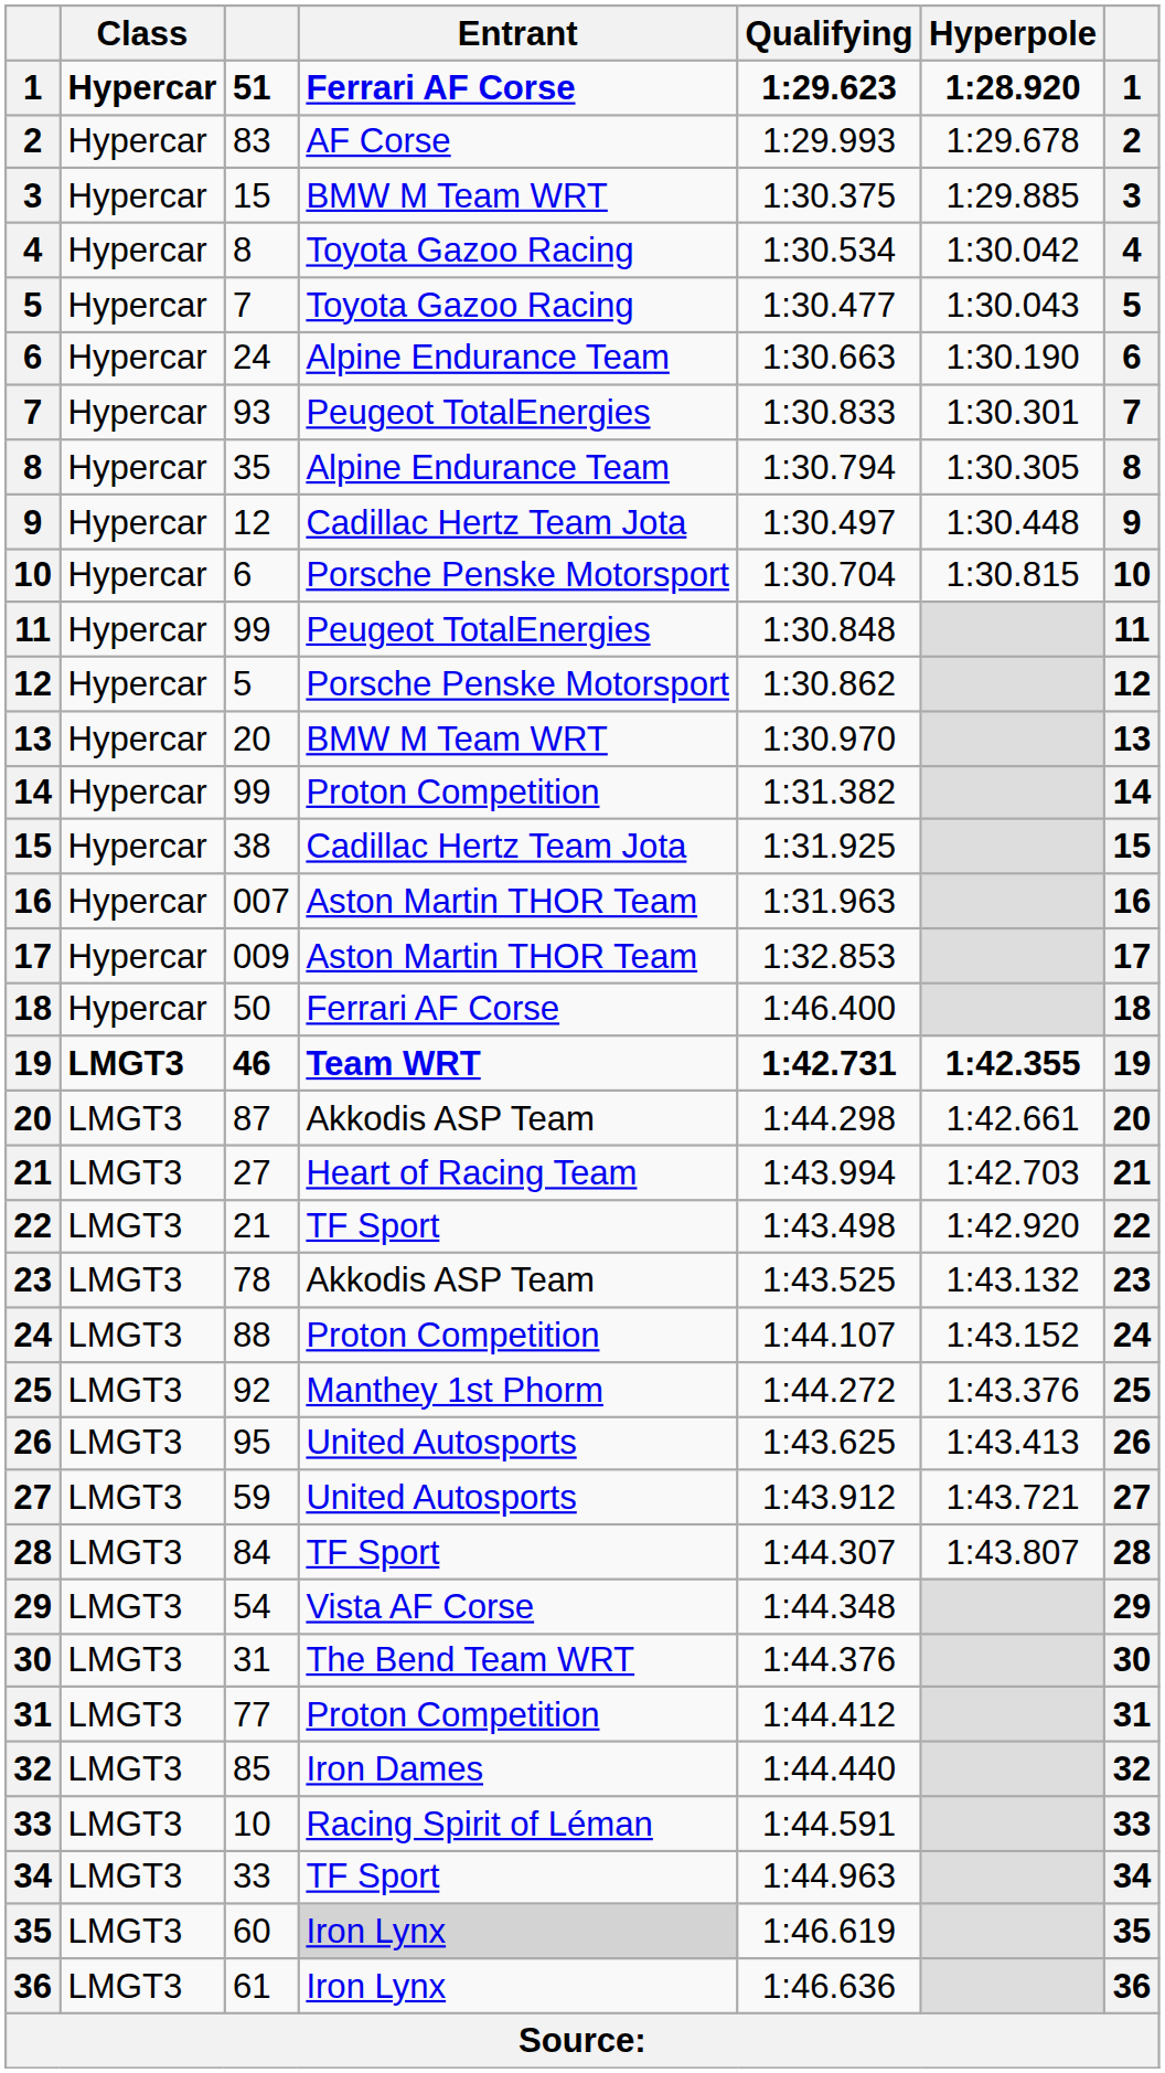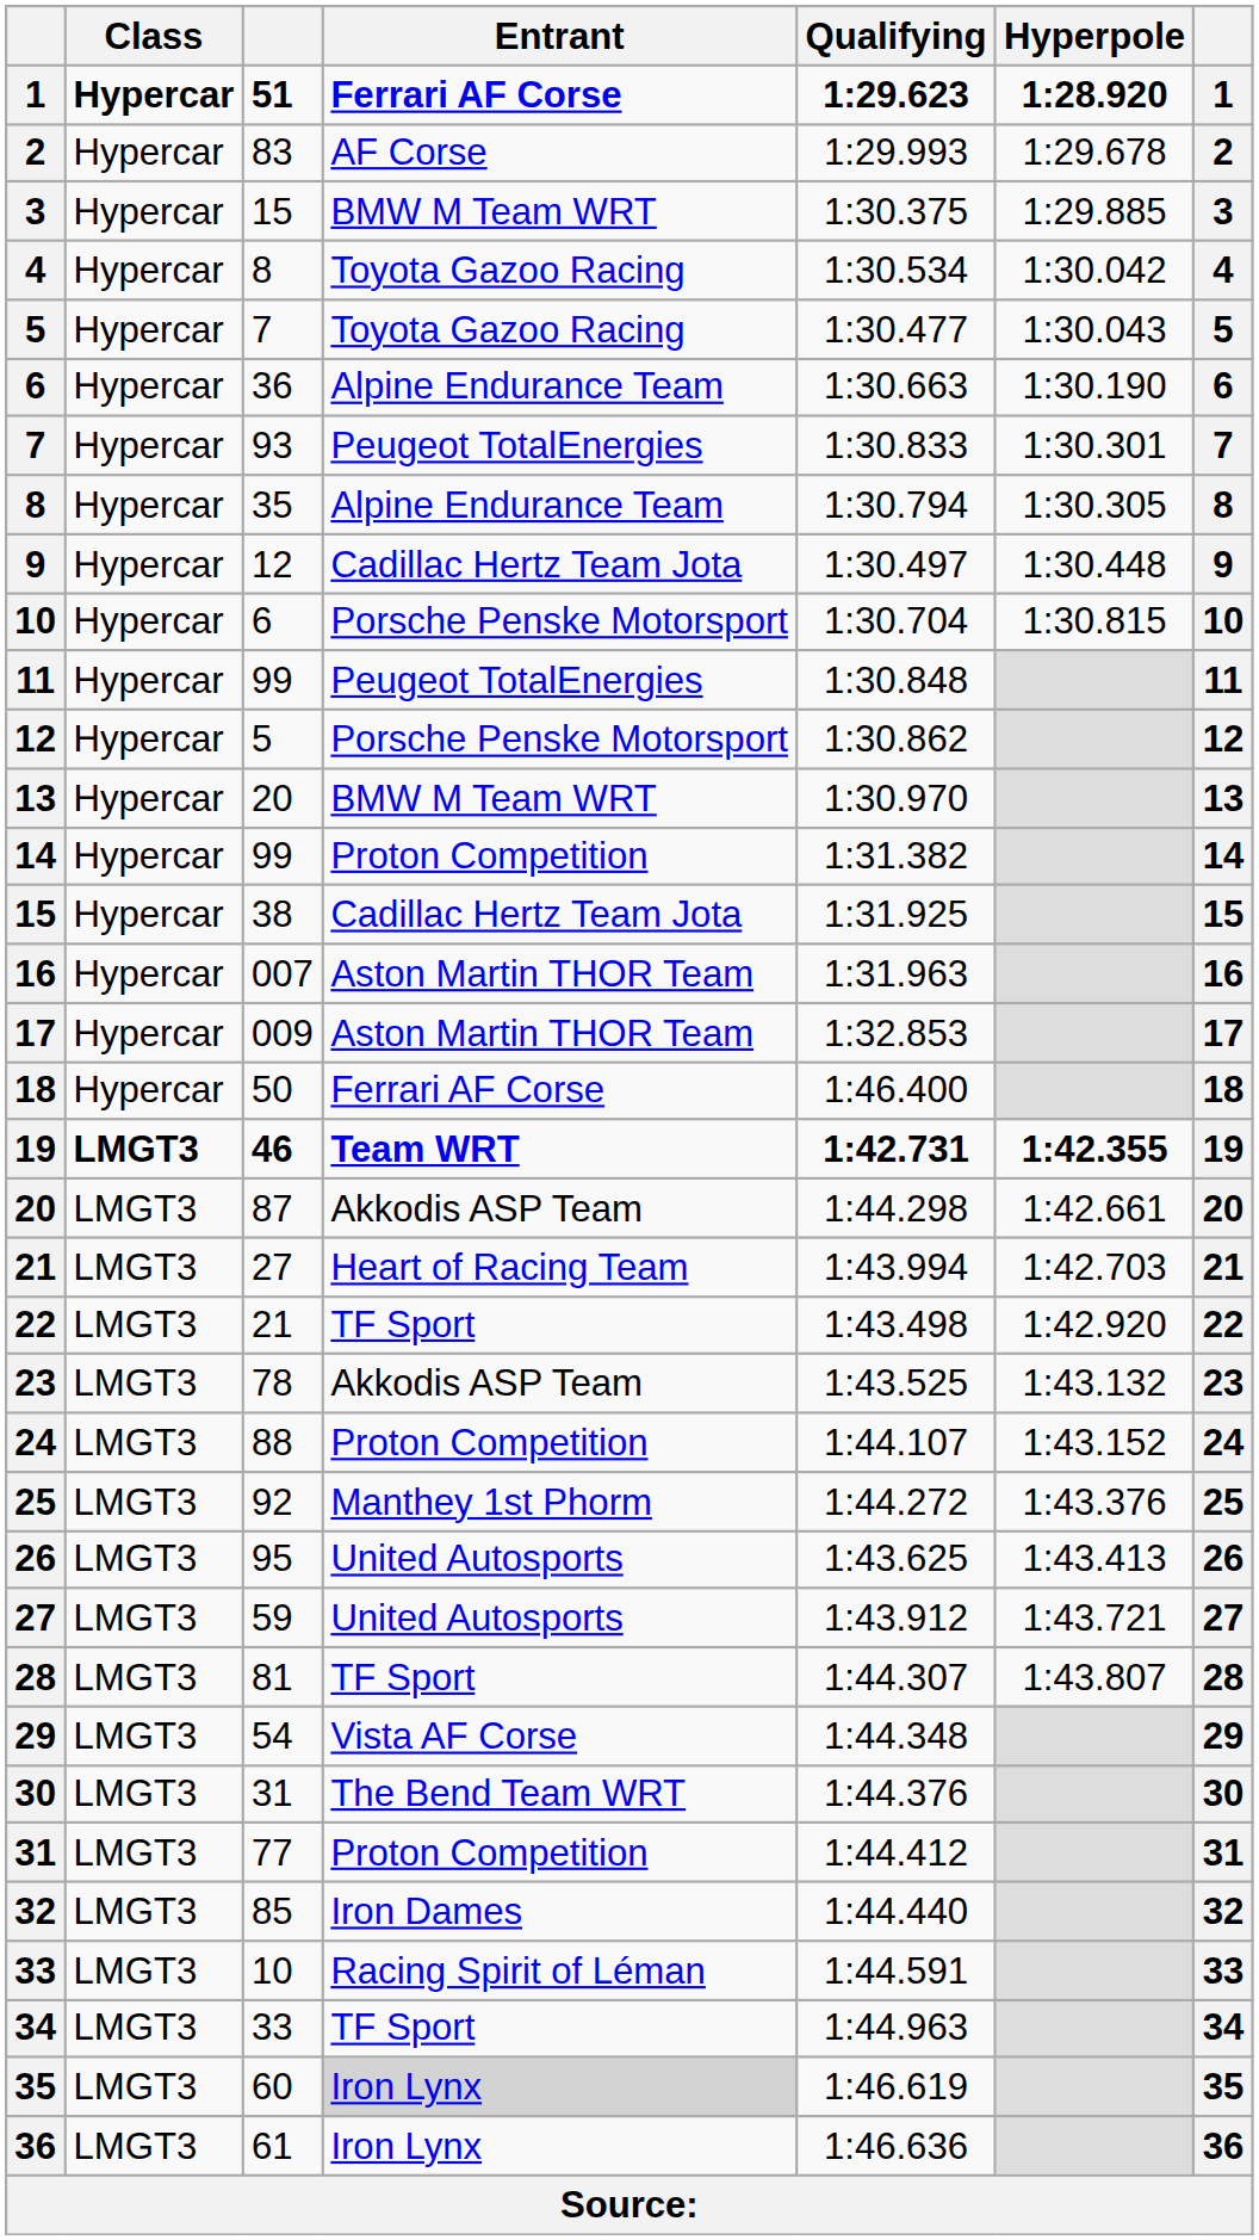 <table class="wikitable" style="font-size:90%;">
 <tr>
 <th></th>
 <th>Class</th>
 <th></th>
 <th>Entrant</th>
 <th>Qualifying</th>
 <th>Hyperpole</th>
 <th></th>
 </tr>
 <tr style="font-weight:bold">
 <th>1</th>
 <td>Hypercar</td>
 <td>51</td>
 <td> <a href='#'>Ferrari AF Corse</a></td>
 <td style="text-align:center;">1:29.623</td>
 <td style="text-align:center;">1:28.920</td>
 <th>1</th>
 </tr>
 <tr>
 <th>2</th>
 <td>Hypercar</td>
 <td>83</td>
 <td> <a href='#'>AF Corse</a></td>
 <td style="text-align:center;">1:29.993</td>
 <td style="text-align:center;">1:29.678</td>
 <th>2</th>
 </tr>
 <tr>
 <th>3</th>
 <td>Hypercar</td>
 <td>15</td>
 <td> <a href='#'>BMW M Team WRT</a></td>
 <td style="text-align:center;">1:30.375</td>
 <td style="text-align:center;">1:29.885</td>
 <th>3</th>
 </tr>
 <tr>
 <th>4</th>
 <td>Hypercar</td>
 <td>8</td>
 <td> <a href='#'>Toyota Gazoo Racing</a></td>
 <td style="text-align:center;">1:30.534</td>
 <td style="text-align:center;">1:30.042</td>
 <th>4</th>
 </tr>
 <tr>
 <th>5</th>
 <td>Hypercar</td>
 <td>7</td>
 <td> <a href='#'>Toyota Gazoo Racing</a></td>
 <td style="text-align:center;">1:30.477</td>
 <td style="text-align:center;">1:30.043</td>
 <th>5</th>
 </tr>
 <tr>
 <th>6</th>
 <td>Hypercar</td>
-<td>24</td>
+<td>36</td>
 <td> <a href='#'>Alpine Endurance Team</a></td>
 <td style="text-align:center;">1:30.663</td>
 <td style="text-align:center;">1:30.190</td>
 <th>6</th>
 </tr>
 <tr>
 <th>7</th>
 <td>Hypercar</td>
 <td>93</td>
 <td> <a href='#'>Peugeot TotalEnergies</a></td>
 <td style="text-align:center;">1:30.833</td>
 <td style="text-align:center;">1:30.301</td>
 <th>7</th>
 </tr>
 <tr>
 <th>8</th>
 <td>Hypercar</td>
 <td>35</td>
 <td> <a href='#'>Alpine Endurance Team</a></td>
 <td style="text-align:center;">1:30.794</td>
 <td style="text-align:center;">1:30.305</td>
 <th>8</th>
 </tr>
 <tr>
 <th>9</th>
 <td>Hypercar</td>
 <td>12</td>
 <td> <a href='#'>Cadillac Hertz Team Jota</a></td>
 <td style="text-align:center;">1:30.497</td>
 <td style="text-align:center;">1:30.448</td>
 <th>9</th>
 </tr>
 <tr>
 <th>10</th>
 <td>Hypercar</td>
 <td>6</td>
 <td> <a href='#'>Porsche Penske Motorsport</a></td>
 <td style="text-align:center;">1:30.704</td>
 <td style="text-align:center;">1:30.815</td>
 <th>10</th>
 </tr>
 <tr>
 <th>11</th>
 <td>Hypercar</td>
 <td>99</td>
 <td> <a href='#'>Peugeot TotalEnergies</a></td>
 <td style="text-align:center;">1:30.848</td>
 <td style="text-align:center; background:#ddd;"></td>
 <th>11</th>
 </tr>
 <tr>
 <th>12</th>
 <td>Hypercar</td>
 <td>5</td>
 <td> <a href='#'>Porsche Penske Motorsport</a></td>
 <td style="text-align:center;">1:30.862</td>
 <td style="text-align:center; background:#ddd;"></td>
 <th>12</th>
 </tr>
 <tr>
 <th>13</th>
 <td>Hypercar</td>
 <td>20</td>
 <td> <a href='#'>BMW M Team WRT</a></td>
 <td style="text-align:center;">1:30.970</td>
 <td style="text-align:center; background:#ddd;"></td>
 <th>13</th>
 </tr>
 <tr>
 <th>14</th>
 <td>Hypercar</td>
 <td>99</td>
 <td> <a href='#'>Proton Competition</a></td>
 <td style="text-align:center;">1:31.382</td>
 <td style="text-align:center; background:#ddd;"></td>
 <th>14</th>
 </tr>
 <tr>
 <th>15</th>
 <td>Hypercar</td>
 <td>38</td>
 <td> <a href='#'>Cadillac Hertz Team Jota</a></td>
 <td style="text-align:center;">1:31.925</td>
 <td style="text-align:center; background:#ddd;"></td>
 <th>15</th>
 </tr>
 <tr>
 <th>16</th>
 <td>Hypercar</td>
 <td>007</td>
 <td> <a href='#'>Aston Martin THOR Team</a></td>
 <td style="text-align:center;">1:31.963</td>
 <td style="text-align:center; background:#ddd;"></td>
 <th>16</th>
 </tr>
 <tr>
 <th>17</th>
 <td>Hypercar</td>
 <td>009</td>
 <td> <a href='#'>Aston Martin THOR Team</a></td>
 <td style="text-align:center;">1:32.853</td>
 <td style="text-align:center; background:#ddd;"></td>
 <th>17</th>
 </tr>
 <tr>
 <th>18</th>
 <td>Hypercar</td>
 <td>50</td>
 <td> <a href='#'>Ferrari AF Corse</a></td>
 <td style="text-align:center;">1:46.400</td>
 <td style="text-align:center; background:#ddd;"></td>
 <th>18</th>
 </tr>
 <tr style="font-weight:bold">
 <th>19</th>
 <td>LMGT3</td>
 <td>46</td>
 <td> <a href='#'>Team WRT</a></td>
 <td style="text-align:center;">1:42.731</td>
 <td style="text-align:center;">1:42.355</td>
 <th>19</th>
 </tr>
 <tr>
 <th>20</th>
 <td>LMGT3</td>
 <td>87</td>
 <td> Akkodis ASP Team</td>
 <td style="text-align:center;">1:44.298</td>
 <td style="text-align:center;">1:42.661</td>
 <th>20</th>
 </tr>
 <tr>
 <th>21</th>
 <td>LMGT3</td>
 <td>27</td>
 <td> <a href='#'>Heart of Racing Team</a></td>
 <td style="text-align:center;">1:43.994</td>
 <td style="text-align:center;">1:42.703</td>
 <th>21</th>
 </tr>
 <tr>
 <th>22</th>
 <td>LMGT3</td>
 <td>21</td>
 <td> <a href='#'>TF Sport</a></td>
 <td style="text-align:center;">1:43.498</td>
 <td style="text-align:center;">1:42.920</td>
 <th>22</th>
 </tr>
 <tr>
 <th>23</th>
 <td>LMGT3</td>
 <td>78</td>
 <td> Akkodis ASP Team</td>
 <td style="text-align:center;">1:43.525</td>
 <td style="text-align:center;">1:43.132</td>
 <th>23</th>
 </tr>
 <tr>
 <th>24</th>
 <td>LMGT3</td>
 <td>88</td>
 <td> <a href='#'>Proton Competition</a></td>
 <td style="text-align:center;">1:44.107</td>
 <td style="text-align:center;">1:43.152</td>
 <th>24</th>
 </tr>
 <tr>
 <th>25</th>
 <td>LMGT3</td>
 <td>92</td>
 <td> <a href='#'>Manthey 1st Phorm</a></td>
 <td style="text-align:center;">1:44.272</td>
 <td style="text-align:center;">1:43.376</td>
 <th>25</th>
 </tr>
 <tr>
 <th>26</th>
 <td>LMGT3</td>
 <td>95</td>
 <td> <a href='#'>United Autosports</a></td>
 <td style="text-align:center;">1:43.625</td>
 <td style="text-align:center;">1:43.413</td>
 <th>26</th>
 </tr>
 <tr>
 <th>27</th>
 <td>LMGT3</td>
 <td>59</td>
 <td> <a href='#'>United Autosports</a></td>
 <td style="text-align:center;">1:43.912</td>
 <td style="text-align:center;">1:43.721</td>
 <th>27</th>
 </tr>
 <tr>
 <th>28</th>
 <td>LMGT3</td>
-<td>84</td>
+<td>81</td>
 <td> <a href='#'>TF Sport</a></td>
 <td style="text-align:center;">1:44.307</td>
 <td style="text-align:center;">1:43.807</td>
 <th>28</th>
 </tr>
 <tr>
 <th>29</th>
 <td>LMGT3</td>
 <td>54</td>
 <td> <a href='#'>Vista AF Corse</a></td>
 <td style="text-align:center;">1:44.348</td>
 <td style="text-align:center; background:#ddd;"></td>
 <th>29</th>
 </tr>
 <tr>
 <th>30</th>
 <td>LMGT3</td>
 <td>31</td>
 <td> <a href='#'>The Bend Team WRT</a></td>
 <td style="text-align:center;">1:44.376</td>
 <td style="text-align:center; background:#ddd;"></td>
 <th>30</th>
 </tr>
 <tr>
 <th>31</th>
 <td>LMGT3</td>
 <td>77</td>
 <td> <a href='#'>Proton Competition</a></td>
 <td style="text-align:center;">1:44.412</td>
 <td style="text-align:center; background:#ddd;"></td>
 <th>31</th>
 </tr>
 <tr>
 <th>32</th>
 <td>LMGT3</td>
 <td>85</td>
 <td> <a href='#'>Iron Dames</a></td>
 <td style="text-align:center;">1:44.440</td>
 <td style="text-align:center; background:#ddd;"></td>
 <th>32</th>
 </tr>
 <tr>
 <th>33</th>
 <td>LMGT3</td>
 <td>10</td>
 <td> <a href='#'>Racing Spirit of Léman</a></td>
 <td style="text-align:center;">1:44.591</td>
 <td style="text-align:center; background:#ddd;"></td>
 <th>33</th>
 </tr>
 <tr>
 <th>34</th>
 <td>LMGT3</td>
 <td>33</td>
 <td> <a href='#'>TF Sport</a></td>
 <td style="text-align:center;">1:44.963</td>
 <td style="text-align:center; background:#ddd;"></td>
 <th>34</th>
 </tr>
 <tr>
 <th>35</th>
 <td>LMGT3</td>
 <td>60</td>
 <td style="background: lightgrey;"> <a href='#'>Iron Lynx</a></td>
 <td style="text-align:center;">1:46.619</td>
 <td style="text-align:center; background:#ddd;"></td>
 <th>35</th>
 </tr>
 <tr>
 <th>36</th>
 <td>LMGT3</td>
 <td>61</td>
 <td> <a href='#'>Iron Lynx</a></td>
 <td style="text-align:center;">1:46.636</td>
 <td style="text-align:center; background:#ddd;"></td>
 <th>36</th>
 </tr>
 <tr>
 <th colspan="7">Source:</th>
 </tr>
 </table>
